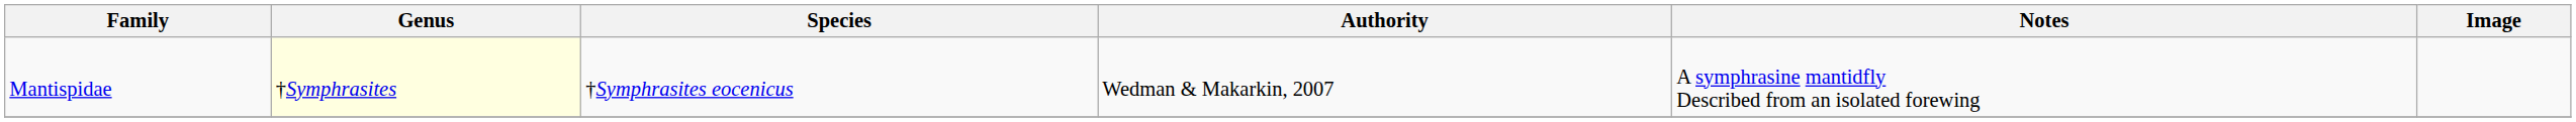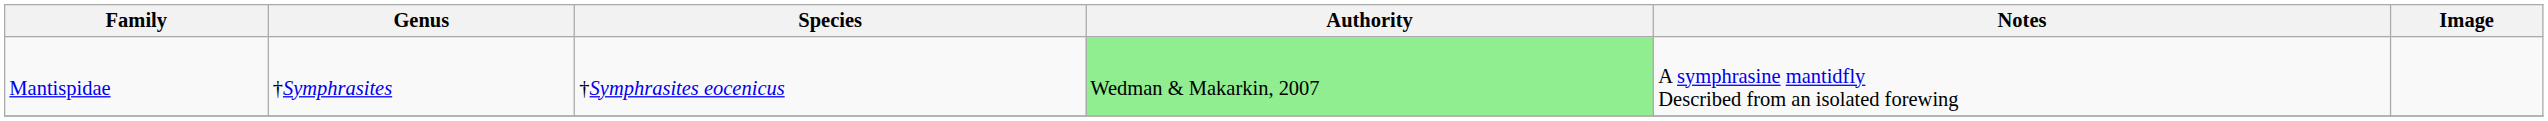 <table class="wikitable" align="center" width="100%">
 <tr>
 <th>Family</th>
 <th>Genus</th>
 <th>Species</th>
 <th>Authority</th>
 <th>Notes</th>
 <th>Image</th>
 </tr>
 <tr>
 <td><br><a href='#'>Mantispidae</a></td>
-<td style="background: lightyellow;"><br>†<em><a href='#'>Symphrasites</a></em></td>
+<td><br>†<em><a href='#'>Symphrasites</a></em></td>
 <td><br>†<em><a href='#'>Symphrasites eocenicus</a></em></td>
-<td><br>Wedman & Makarkin, 2007</td>
+<td style="background: lightgreen;"><br>Wedman & Makarkin, 2007</td>
 <td><br>A <a href='#'>symphrasine</a> <a href='#'>mantidfly</a><br> Described from an isolated forewing</td>
 <td><br></td>
 </tr>
 <tr>
 </tr>
 </table>
